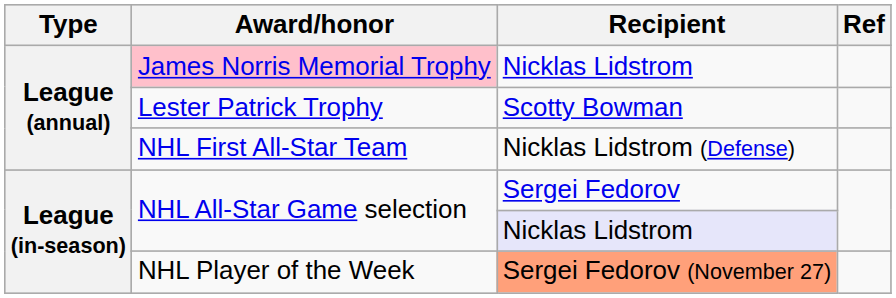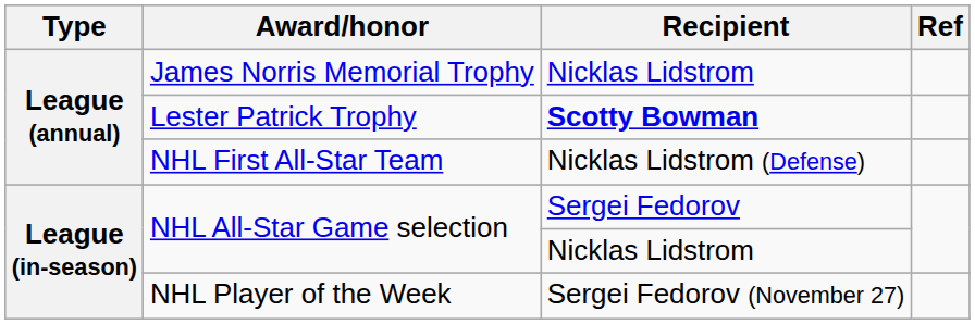 <table class="wikitable">
 <tr>
 <th scope="col">Type</th>
 <th scope="col">Award/honor</th>
 <th scope="col">Recipient</th>
 <th scope="col">Ref</th>
 </tr>
 <tr>
 <th scope="row" rowspan="3">League<br><small>(annual)</small></th>
-<td style="background: pink;"><a href='#'>James Norris Memorial Trophy</a></td>
+<td><a href='#'>James Norris Memorial Trophy</a></td>
 <td><a href='#'>Nicklas Lidstrom</a></td>
 <td></td>
 </tr>
 <tr>
 <td><a href='#'>Lester Patrick Trophy</a></td>
-<td><a href='#'>Scotty Bowman</a></td>
+<td><strong><a href='#'>Scotty Bowman</a></strong></td>
 <td></td>
 </tr>
 <tr>
 <td><a href='#'>NHL First All-Star Team</a></td>
 <td>Nicklas Lidstrom <small>(<a href='#'>Defense</a>)</small></td>
 <td></td>
 </tr>
 <tr>
 <th scope="row" rowspan="3">League<br><small>(in-season)</small></th>
 <td rowspan="2"><a href='#'>NHL All-Star Game</a> selection</td>
 <td><a href='#'>Sergei Fedorov</a></td>
 <td rowspan="2"></td>
 </tr>
 <tr>
-<td style="background: lavender;">Nicklas Lidstrom</td>
+<td>Nicklas Lidstrom</td>
 </tr>
 <tr>
 <td>NHL Player of the Week</td>
-<td style="background: lightsalmon;">Sergei Fedorov <small>(November 27)</small></td>
+<td>Sergei Fedorov <small>(November 27)</small></td>
 <td></td>
 </tr>
 </table>
